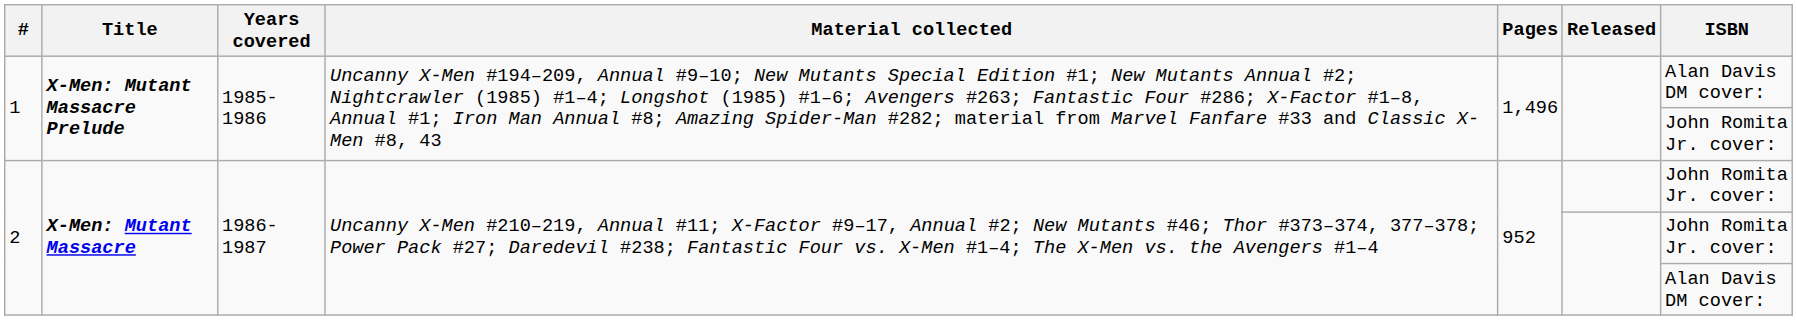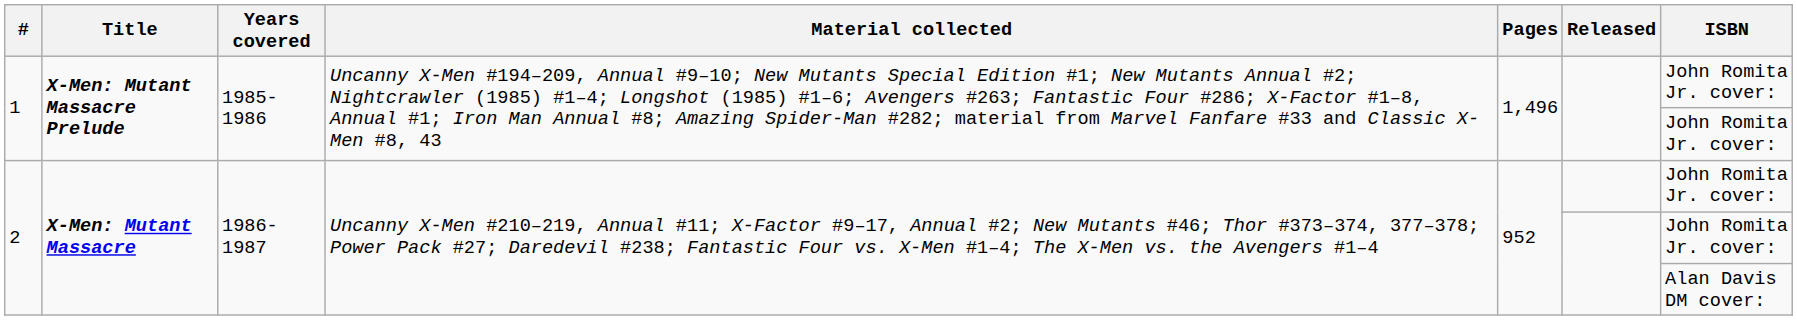 <table class="wikitable sortable" width="99%">
 <tr>
 <th class="unsortable" width="20px">#</th>
 <th>Title</th>
 <th>Years covered</th>
 <th class="unsortable">Material collected</th>
 <th>Pages</th>
 <th>Released</th>
 <th class="unsortable">ISBN</th>
 </tr>
 <tr>
 <td rowspan="2">1</td>
 <td rowspan="2"><strong><em>X-Men: Mutant Massacre Prelude</em></strong></td>
 <td rowspan="2">1985-1986</td>
 <td rowspan="2"><em>Uncanny X-Men</em> #194–209, <em>Annual</em> #9–10; <em>New Mutants Special Edition</em> #1; <em>New Mutants Annual</em> #2; <em>Nightcrawler</em> (1985) #1–4; <em>Longshot</em> (1985) #1–6; <em>Avengers</em> #263; <em>Fantastic Four</em> #286; <em>X-Factor</em> #1–8, <em>Annual</em> #1; <em>Iron Man Annual</em> #8; <em>Amazing Spider-Man</em> #282; material from <em>Marvel Fanfare</em> #33 and <em>Classic X-Men</em> #8, 43</td>
 <td rowspan="2">1,496</td>
 <td rowspan="2"></td>
-<td>Alan Davis DM cover: </td>
+<td>John Romita Jr. cover: </td>
 </tr>
 <tr>
 <td>John Romita Jr. cover: </td>
 </tr>
 <tr>
 <td rowspan="3">2</td>
 <td rowspan="3"><strong><em>X-Men: <a href='#'>Mutant Massacre</a></em></strong></td>
 <td rowspan="3">1986-1987</td>
 <td rowspan="3"><em>Uncanny X-Men</em> #210–219, <em>Annual</em> #11; <em>X-Factor</em> #9–17, <em>Annual</em> #2; <em>New Mutants</em> #46; <em>Thor</em> #373–374, 377–378; <em>Power Pack</em> #27; <em>Daredevil</em> #238; <em>Fantastic Four vs. X-Men</em> #1–4; <em>The X-Men vs. the Avengers</em> #1–4</td>
 <td rowspan="3">952</td>
 <td></td>
 <td>John Romita Jr. cover: </td>
 </tr>
 <tr>
 <td rowspan="2"></td>
 <td>John Romita Jr. cover: </td>
 </tr>
 <tr>
 <td>Alan Davis DM cover: </td>
 </tr>
 </table>
